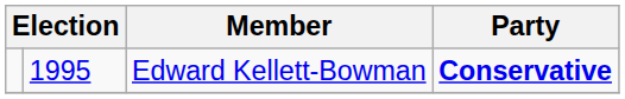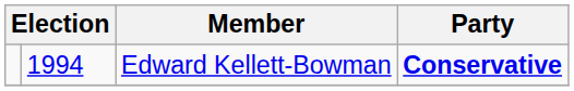 <table class="wikitable">
 <tr>
 <th colspan="2">Election</th>
 <th>Member</th>
 <th>Party</th>
 </tr>
 <tr>
 <td style="background-color: "></td>
-<td><a href='#'>1995</a></td>
+<td><a href='#'>1994</a></td>
 <td><a href='#'>Edward Kellett-Bowman</a></td>
 <td><strong><a href='#'>Conservative</a></strong></td>
 </tr>
 <tr>
 </tr>
 </table>
